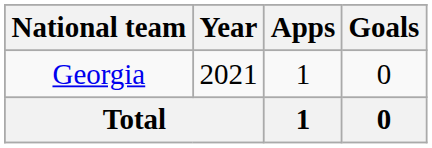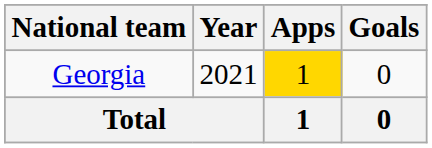 <table class="wikitable" style="text-align:center">
 <tr>
 <th>National team</th>
 <th>Year</th>
 <th>Apps</th>
 <th>Goals</th>
 </tr>
 <tr>
 <td rowspan="1"><a href='#'>Georgia</a></td>
 <td>2021</td>
-<td>1</td>
+<td style="background: gold;">1</td>
 <td>0</td>
 </tr>
 <tr>
 <th colspan="2">Total</th>
 <th>1</th>
 <th>0</th>
 </tr>
 </table>
